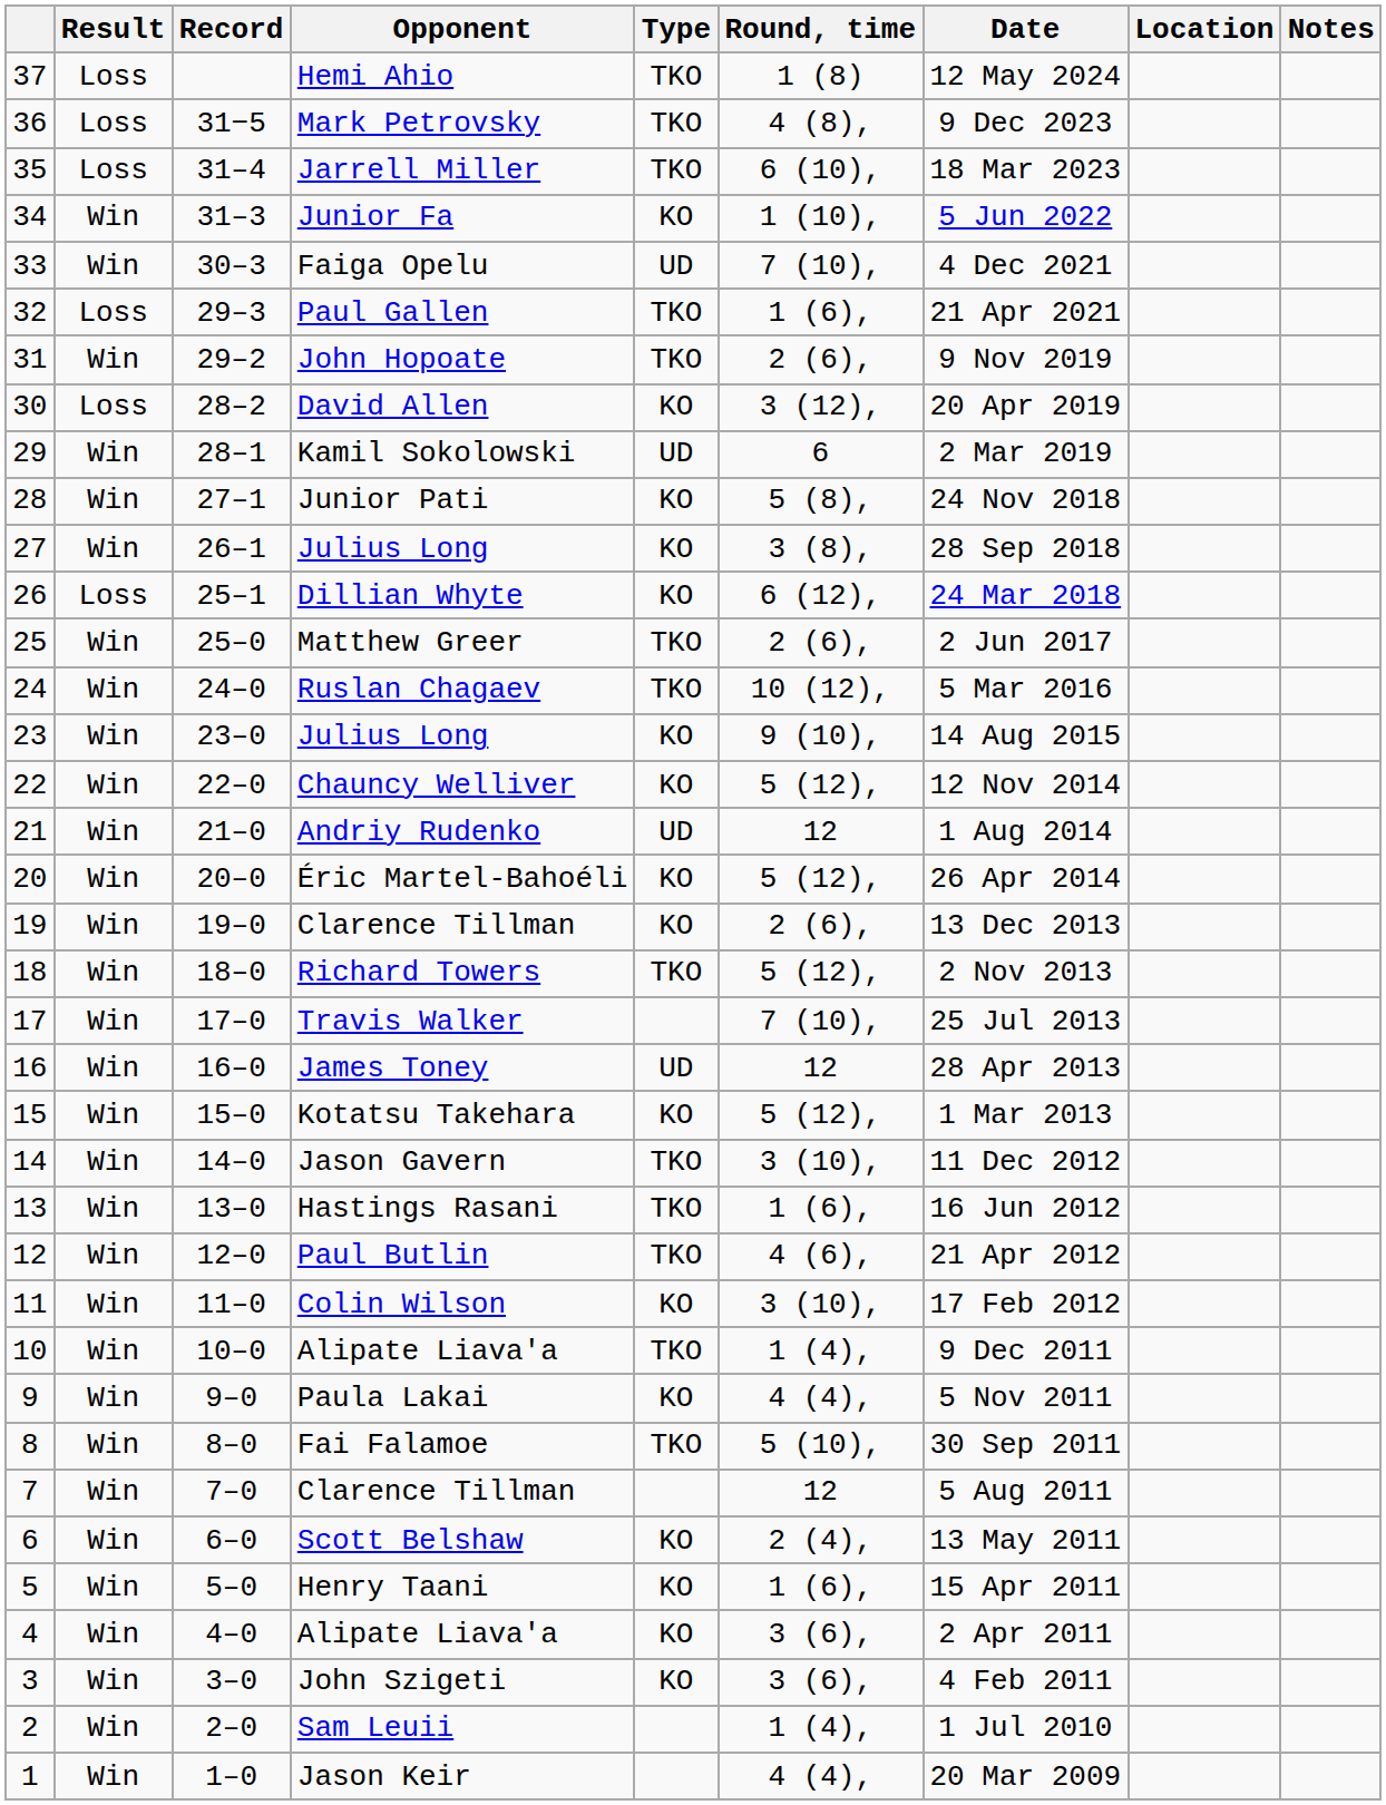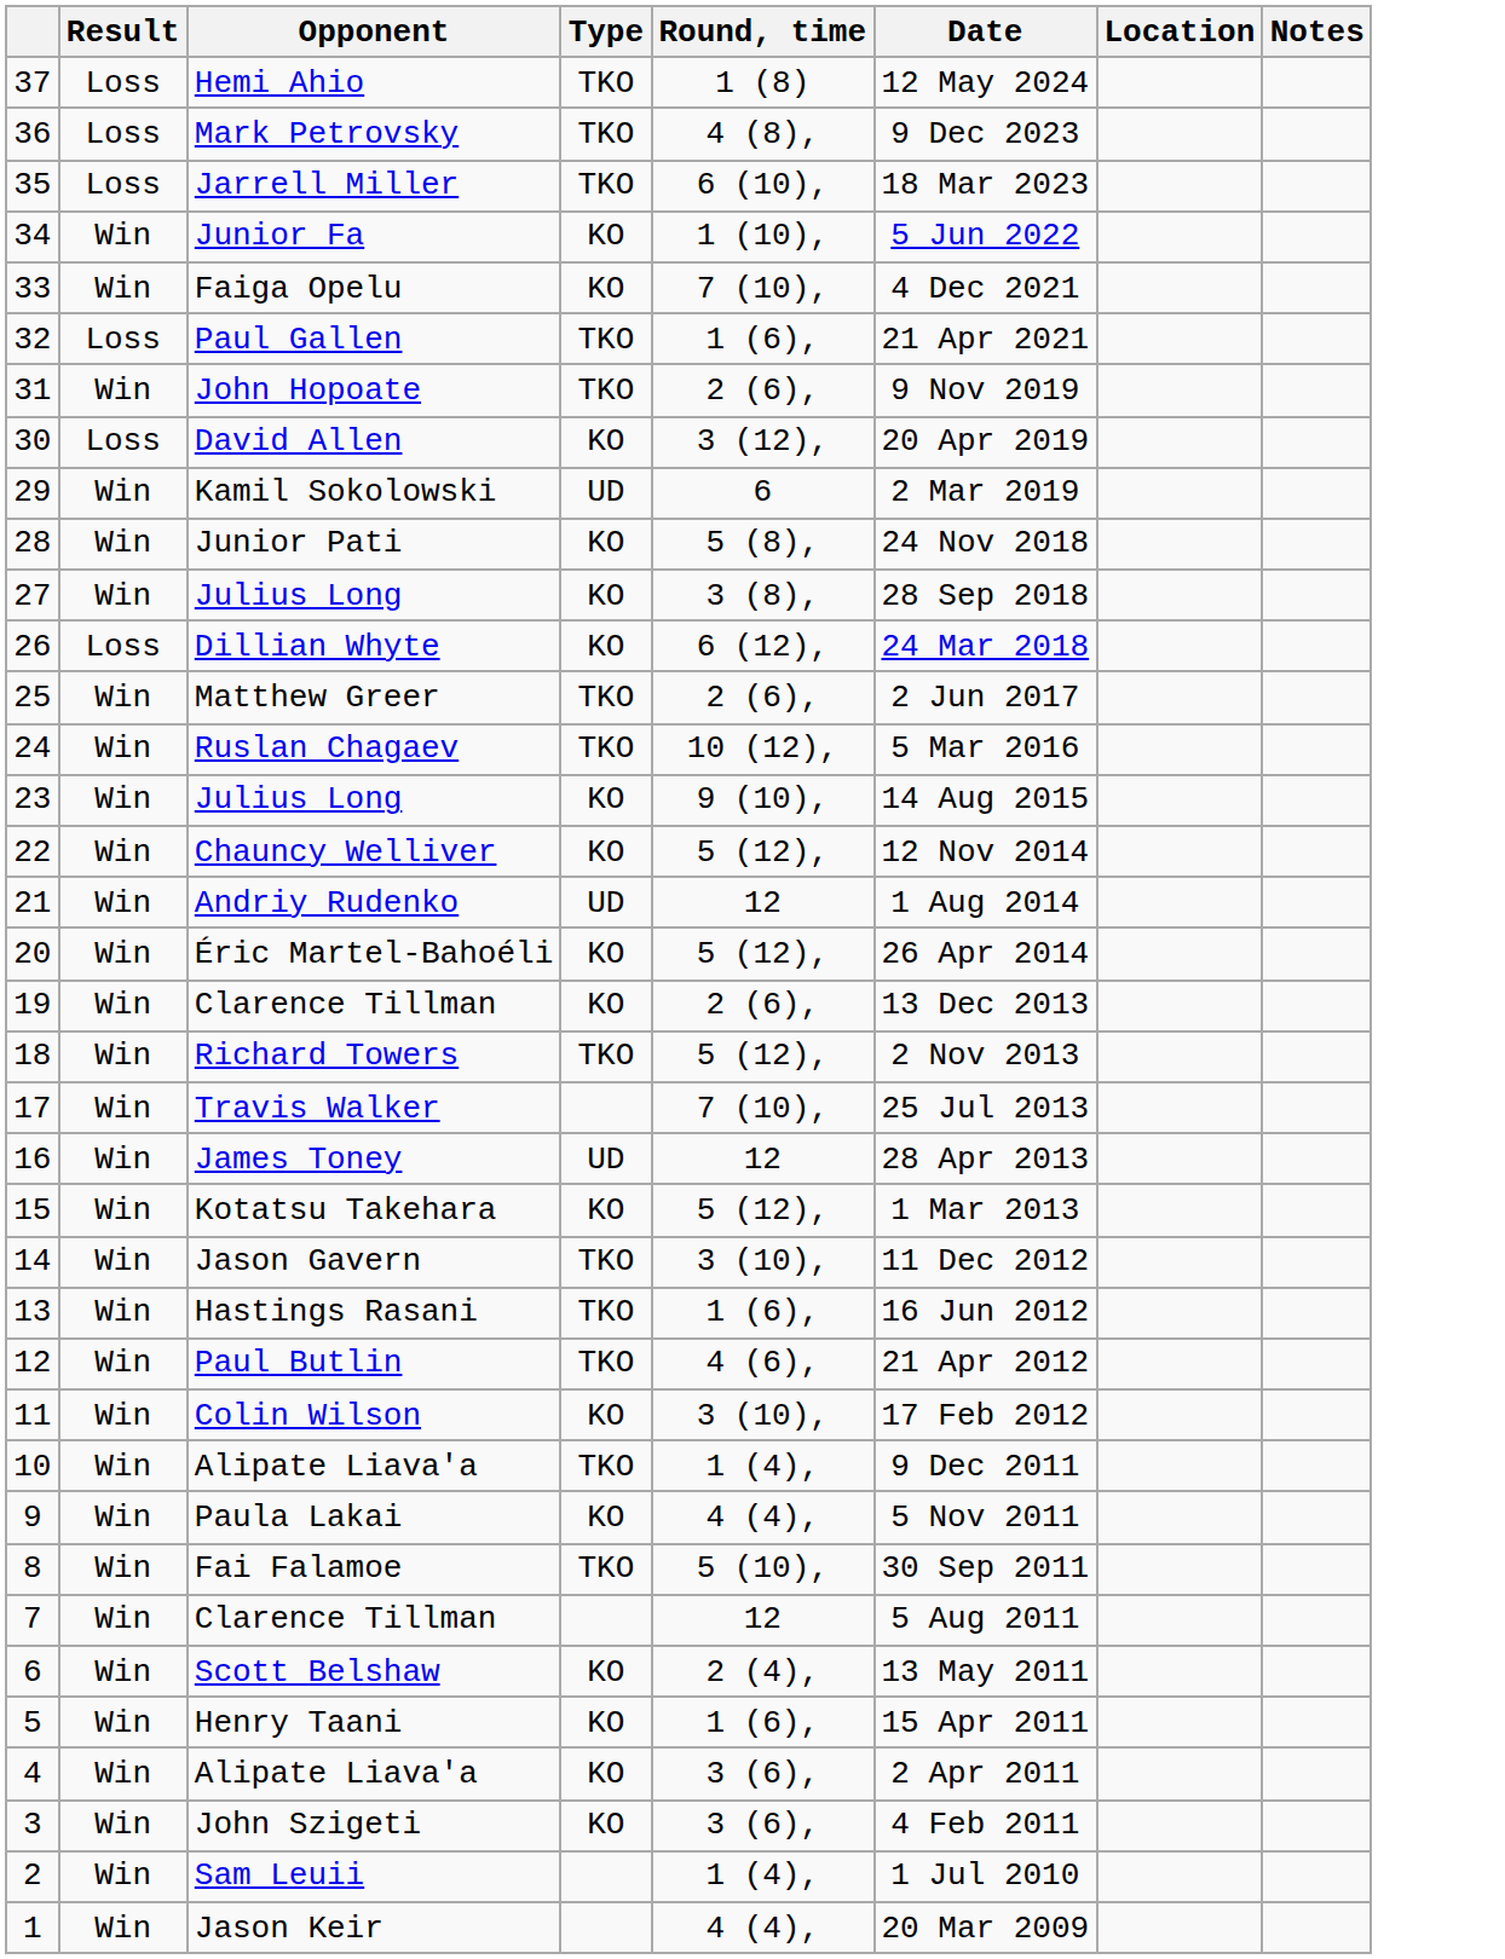 <table class="wikitable" style="text-align:center">
 <tr>
 <th></th>
 <th>Result</th>
-<th>Record</th>
 <th>Opponent</th>
 <th>Type</th>
 <th>Round, time</th>
 <th>Date</th>
 <th>Location</th>
 <th>Notes</th>
 </tr>
 <tr>
 <td>37</td>
 <td>Loss</td>
-<td></td>
 <td style="text-align:left;"><a href='#'>Hemi Ahio</a></td>
 <td>TKO</td>
 <td>1 (8)</td>
 <td>12 May 2024</td>
 <td style="text-align:left;"></td>
 <td></td>
 </tr>
 <tr>
 <td>36</td>
 <td>Loss</td>
-<td>31−5</td>
 <td style="text-align:left;"><a href='#'>Mark Petrovsky</a></td>
 <td>TKO</td>
 <td>4 (8), </td>
 <td>9 Dec 2023</td>
 <td style="text-align:left;"></td>
 <td></td>
 </tr>
 <tr>
 <td>35</td>
 <td>Loss</td>
-<td>31–4</td>
 <td style="text-align:left;"><a href='#'>Jarrell Miller</a></td>
 <td>TKO</td>
 <td>6 (10), </td>
 <td>18 Mar 2023</td>
 <td style="text-align:left;"></td>
 <td></td>
 </tr>
 <tr>
 <td>34</td>
 <td>Win</td>
-<td>31–3</td>
 <td style="text-align:left;"><a href='#'>Junior Fa</a></td>
 <td>KO</td>
 <td>1 (10), </td>
 <td><a href='#'>5 Jun 2022</a></td>
 <td style="text-align:left;"></td>
 <td style="text-align:left;"></td>
 </tr>
 <tr>
 <td>33</td>
 <td>Win</td>
-<td>30–3</td>
 <td style="text-align:left;">Faiga Opelu</td>
-<td>UD</td>
+<td>KO</td>
 <td>7 (10), </td>
 <td>4 Dec 2021</td>
 <td style="text-align:left;"></td>
 <td style="text-align:left;"></td>
 </tr>
 <tr>
 <td>32</td>
 <td>Loss</td>
-<td>29–3</td>
 <td style="text-align:left;"><a href='#'>Paul Gallen</a></td>
 <td>TKO</td>
 <td>1 (6), </td>
 <td>21 Apr 2021</td>
 <td style="text-align:left;"></td>
 <td></td>
 </tr>
 <tr>
 <td>31</td>
 <td>Win</td>
-<td>29–2</td>
 <td style="text-align:left;"><a href='#'>John Hopoate</a></td>
 <td>TKO</td>
 <td>2 (6), </td>
 <td>9 Nov 2019</td>
 <td style="text-align:left;"></td>
 <td></td>
 </tr>
 <tr>
 <td>30</td>
 <td>Loss</td>
-<td>28–2</td>
 <td style="text-align:left;"><a href='#'>David Allen</a></td>
 <td>KO</td>
 <td>3 (12), </td>
 <td>20 Apr 2019</td>
 <td style="text-align:left;"></td>
 <td></td>
 </tr>
 <tr>
 <td>29</td>
 <td>Win</td>
-<td>28–1</td>
 <td style="text-align:left;">Kamil Sokolowski</td>
 <td>UD</td>
 <td>6</td>
 <td>2 Mar 2019</td>
 <td style="text-align:left;"></td>
 <td></td>
 </tr>
 <tr>
 <td>28</td>
 <td>Win</td>
-<td>27–1</td>
 <td style="text-align:left;">Junior Pati</td>
 <td>KO</td>
 <td>5 (8), </td>
 <td>24 Nov 2018</td>
 <td style="text-align:left;"></td>
 <td style="text-align:left;"></td>
 </tr>
 <tr>
 <td>27</td>
 <td>Win</td>
-<td>26–1</td>
 <td style="text-align:left;"><a href='#'>Julius Long</a></td>
 <td>KO</td>
 <td>3 (8), </td>
 <td>28 Sep 2018</td>
 <td style="text-align:left;"></td>
 <td></td>
 </tr>
 <tr>
 <td>26</td>
 <td>Loss</td>
-<td>25–1</td>
 <td style="text-align:left;"><a href='#'>Dillian Whyte</a></td>
 <td>KO</td>
 <td>6 (12), </td>
 <td><a href='#'>24 Mar 2018</a></td>
 <td style="text-align:left;"></td>
 <td style="text-align:left;"></td>
 </tr>
 <tr>
 <td>25</td>
 <td>Win</td>
-<td>25–0</td>
 <td style="text-align:left;">Matthew Greer</td>
 <td>TKO</td>
 <td>2 (6), </td>
 <td>2 Jun 2017</td>
 <td style="text-align:left;"></td>
 <td></td>
 </tr>
 <tr>
 <td>24</td>
 <td>Win</td>
-<td>24–0</td>
 <td style="text-align:left;"><a href='#'>Ruslan Chagaev</a></td>
 <td>TKO</td>
 <td>10 (12), </td>
 <td>5 Mar 2016</td>
 <td style="text-align:left;"></td>
 <td style="text-align:left;"></td>
 </tr>
 <tr>
 <td>23</td>
 <td>Win</td>
-<td>23–0</td>
 <td style="text-align:left;"><a href='#'>Julius Long</a></td>
 <td>KO</td>
 <td>9 (10), </td>
 <td>14 Aug 2015</td>
 <td style="text-align:left;"></td>
 <td></td>
 </tr>
 <tr>
 <td>22</td>
 <td>Win</td>
-<td>22–0</td>
 <td style="text-align:left;"><a href='#'>Chauncy Welliver</a></td>
 <td>KO</td>
 <td>5 (12), </td>
 <td>12 Nov 2014</td>
 <td style="text-align:left;"></td>
 <td style="text-align:left;"></td>
 </tr>
 <tr>
 <td>21</td>
 <td>Win</td>
-<td>21–0</td>
 <td style="text-align:left;"><a href='#'>Andriy Rudenko</a></td>
 <td>UD</td>
 <td>12</td>
 <td>1 Aug 2014</td>
 <td style="text-align:left;"></td>
 <td style="text-align:left;"></td>
 </tr>
 <tr>
 <td>20</td>
 <td>Win</td>
-<td>20–0</td>
 <td style="text-align:left;">Éric Martel-Bahoéli</td>
 <td>KO</td>
 <td>5 (12), </td>
 <td>26 Apr 2014</td>
 <td style="text-align:left;"></td>
 <td style="text-align:left;"></td>
 </tr>
 <tr>
 <td>19</td>
 <td>Win</td>
-<td>19–0</td>
 <td style="text-align:left;">Clarence Tillman</td>
 <td>KO</td>
 <td>2 (6), </td>
 <td>13 Dec 2013</td>
 <td style="text-align:left;"></td>
 <td></td>
 </tr>
 <tr>
 <td>18</td>
 <td>Win</td>
-<td>18–0</td>
 <td style="text-align:left;"><a href='#'>Richard Towers</a></td>
 <td>TKO</td>
 <td>5 (12), </td>
 <td>2 Nov 2013</td>
 <td style="text-align:left;"></td>
 <td></td>
 </tr>
 <tr>
 <td>17</td>
 <td>Win</td>
-<td>17–0</td>
 <td style="text-align:left;"><a href='#'>Travis Walker</a></td>
 <td></td>
 <td>7 (10), </td>
 <td>25 Jul 2013</td>
 <td style="text-align:left;"></td>
 <td></td>
 </tr>
 <tr>
 <td>16</td>
 <td>Win</td>
-<td>16–0</td>
 <td style="text-align:left;"><a href='#'>James Toney</a></td>
 <td>UD</td>
 <td>12</td>
 <td>28 Apr 2013</td>
 <td style="text-align:left;"></td>
 <td style="text-align:left;"></td>
 </tr>
 <tr>
 <td>15</td>
 <td>Win</td>
-<td>15–0</td>
 <td style="text-align:left;">Kotatsu Takehara</td>
 <td>KO</td>
 <td>5 (12), </td>
 <td>1 Mar 2013</td>
 <td style="text-align:left;"></td>
 <td></td>
 </tr>
 <tr>
 <td>14</td>
 <td>Win</td>
-<td>14–0</td>
 <td style="text-align:left;">Jason Gavern</td>
 <td>TKO</td>
 <td>3 (10), </td>
 <td>11 Dec 2012</td>
 <td style="text-align:left;"></td>
 <td></td>
 </tr>
 <tr>
 <td>13</td>
 <td>Win</td>
-<td>13–0</td>
 <td style="text-align:left;">Hastings Rasani</td>
 <td>TKO</td>
 <td>1 (6), </td>
 <td>16 Jun 2012</td>
 <td style="text-align:left;"></td>
 <td></td>
 </tr>
 <tr>
 <td>12</td>
 <td>Win</td>
-<td>12–0</td>
 <td style="text-align:left;"><a href='#'>Paul Butlin</a></td>
 <td>TKO</td>
 <td>4 (6), </td>
 <td>21 Apr 2012</td>
 <td style="text-align:left;"></td>
 <td></td>
 </tr>
 <tr>
 <td>11</td>
 <td>Win</td>
-<td>11–0</td>
 <td style="text-align:left;"><a href='#'>Colin Wilson</a></td>
 <td>KO</td>
 <td>3 (10), </td>
 <td>17 Feb 2012</td>
 <td style="text-align:left;"></td>
 <td style="text-align:left;"></td>
 </tr>
 <tr>
 <td>10</td>
 <td>Win</td>
-<td>10–0</td>
 <td style="text-align:left;">Alipate Liava'a</td>
 <td>TKO</td>
 <td>1 (4), </td>
 <td>9 Dec 2011</td>
 <td style="text-align:left;"></td>
 <td></td>
 </tr>
 <tr>
 <td>9</td>
 <td>Win</td>
-<td>9–0</td>
 <td style="text-align:left;">Paula Lakai</td>
 <td>KO</td>
 <td>4 (4), </td>
 <td>5 Nov 2011</td>
 <td style="text-align:left;"></td>
 <td></td>
 </tr>
 <tr>
 <td>8</td>
 <td>Win</td>
-<td>8–0</td>
 <td style="text-align:left;">Fai Falamoe</td>
 <td>TKO</td>
 <td>5 (10), </td>
 <td>30 Sep 2011</td>
 <td style="text-align:left;"></td>
 <td style="text-align:left;"></td>
 </tr>
 <tr>
 <td>7</td>
 <td>Win</td>
-<td>7–0</td>
 <td style="text-align:left;">Clarence Tillman</td>
 <td></td>
 <td>12</td>
 <td>5 Aug 2011</td>
 <td style="text-align:left;"></td>
 <td style="text-align:left;"></td>
 </tr>
 <tr>
 <td>6</td>
 <td>Win</td>
-<td>6–0</td>
 <td style="text-align:left;"><a href='#'>Scott Belshaw</a></td>
 <td>KO</td>
 <td>2 (4), </td>
 <td>13 May 2011</td>
 <td style="text-align:left;"></td>
 <td></td>
 </tr>
 <tr>
 <td>5</td>
 <td>Win</td>
-<td>5–0</td>
 <td style="text-align:left;">Henry Taani</td>
 <td>KO</td>
 <td>1 (6), </td>
 <td>15 Apr 2011</td>
 <td style="text-align:left;"></td>
 <td></td>
 </tr>
 <tr>
 <td>4</td>
 <td>Win</td>
-<td>4–0</td>
 <td style="text-align:left;">Alipate Liava'a</td>
 <td>KO</td>
 <td>3 (6), </td>
 <td>2 Apr 2011</td>
 <td style="text-align:left;"></td>
 <td></td>
 </tr>
 <tr>
 <td>3</td>
 <td>Win</td>
-<td>3–0</td>
 <td style="text-align:left;">John Szigeti</td>
 <td>KO</td>
 <td>3 (6), </td>
 <td>4 Feb 2011</td>
 <td style="text-align:left;"></td>
 <td></td>
 </tr>
 <tr>
 <td>2</td>
 <td>Win</td>
-<td>2–0</td>
 <td style="text-align:left;"><a href='#'>Sam Leuii</a></td>
 <td></td>
 <td>1 (4), </td>
 <td>1 Jul 2010</td>
 <td style="text-align:left;"></td>
 <td></td>
 </tr>
 <tr>
 <td>1</td>
 <td>Win</td>
-<td>1–0</td>
 <td style="text-align:left;">Jason Keir</td>
 <td></td>
 <td>4 (4), </td>
 <td>20 Mar 2009</td>
 <td style="text-align:left;"></td>
 <td></td>
 </tr>
 </table>
